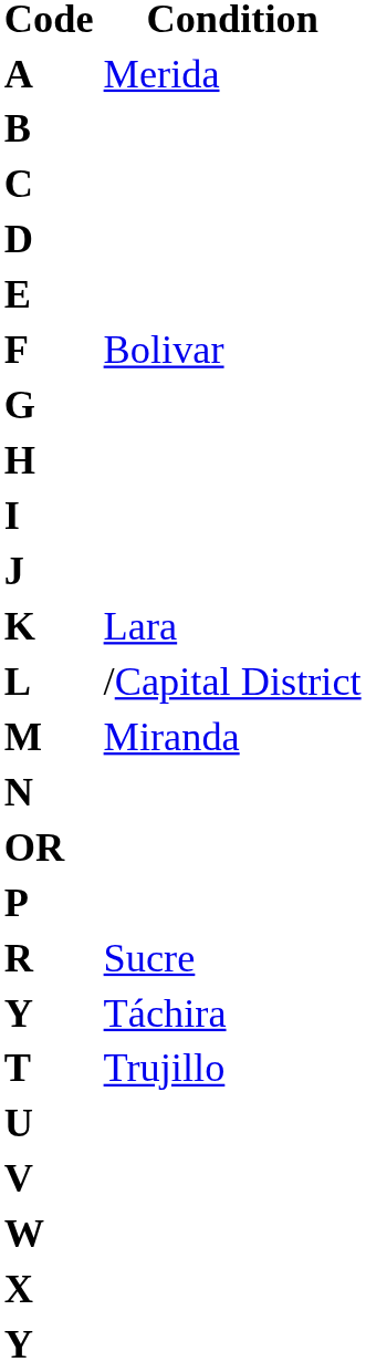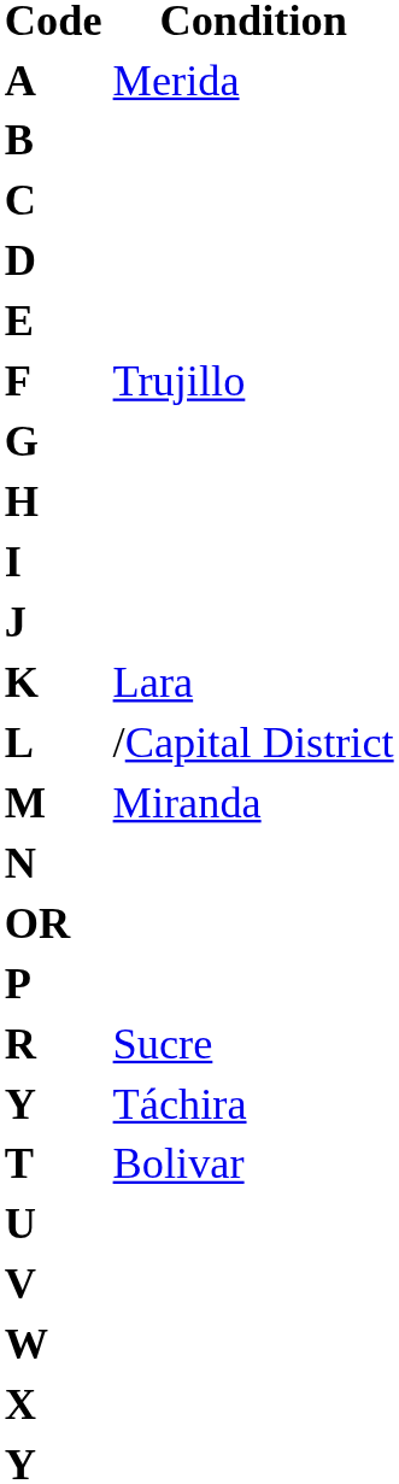 <table class="wikitablesortable">
 <tr>
 <th>Code</th>
 <th>Condition</th>
 </tr>
 <tr>
 <td><strong>A</strong></td>
 <td><a href='#'>Merida</a></td>
 </tr>
 <tr>
 <td><strong>B</strong></td>
 <td></td>
 </tr>
 <tr>
 <td><strong>C</strong></td>
 <td></td>
 </tr>
 <tr>
 <td><strong>D</strong></td>
 <td></td>
 </tr>
 <tr>
 <td><strong>E</strong></td>
 <td></td>
 </tr>
 <tr>
 <td><strong>F</strong></td>
-<td><a href='#'>Bolivar</a></td>
+<td><a href='#'>Trujillo</a></td>
 </tr>
 <tr>
 <td><strong>G</strong></td>
 <td></td>
 </tr>
 <tr>
 <td><strong>H</strong></td>
 <td></td>
 </tr>
 <tr>
 <td><strong>I</strong></td>
 <td></td>
 </tr>
 <tr>
 <td><strong>J</strong></td>
 <td></td>
 </tr>
 <tr>
 <td><strong>K</strong></td>
 <td><a href='#'>Lara</a></td>
 </tr>
 <tr>
 <td><strong>L</strong></td>
 <td>/<a href='#'>Capital District</a></td>
 </tr>
 <tr>
 <td><strong>M</strong></td>
 <td><a href='#'>Miranda</a></td>
 </tr>
 <tr>
 <td><strong>N</strong></td>
 <td></td>
 </tr>
 <tr>
 <td><strong>OR</strong></td>
 <td></td>
 </tr>
 <tr>
 <td><strong>P</strong></td>
 <td></td>
 </tr>
 <tr>
 <td><strong>R</strong></td>
 <td><a href='#'>Sucre</a></td>
 </tr>
 <tr>
 <td><strong>Y</strong></td>
 <td><a href='#'>Táchira</a></td>
 </tr>
 <tr>
 <td><strong>T</strong></td>
-<td><a href='#'>Trujillo</a></td>
+<td><a href='#'>Bolivar</a></td>
 </tr>
 <tr>
 <td><strong>U</strong></td>
 <td></td>
 </tr>
 <tr>
 <td><strong>V</strong></td>
 <td></td>
 </tr>
 <tr>
 <td><strong>W</strong></td>
 <td></td>
 </tr>
 <tr>
 <td><strong>X</strong></td>
 <td></td>
 </tr>
 <tr>
 <td><strong>Y</strong></td>
 <td></td>
 </tr>
 </table>
